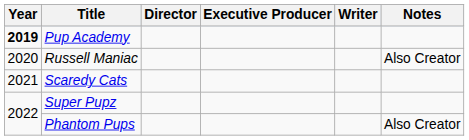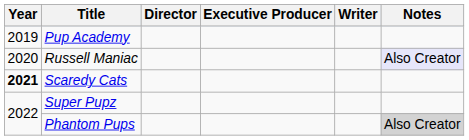 <table class="wikitable">
 <tr style="background:#b0c4de; text-align:center;">
 <th>Year</th>
 <th>Title</th>
 <th>Director</th>
 <th>Executive Producer</th>
 <th>Writer</th>
 <th>Notes</th>
 </tr>
 <tr>
-<td><strong>2019</strong></td>
+<td>2019</td>
 <td><em><a href='#'>Pup Academy</a></em></td>
 <td></td>
 <td></td>
 <td></td>
 <td></td>
 </tr>
 <tr>
 <td>2020</td>
 <td><em>Russell Maniac</em></td>
 <td></td>
 <td></td>
 <td></td>
-<td>Also Creator</td>
+<td style="background: lavender;">Also Creator</td>
 </tr>
 <tr>
-<td>2021</td>
+<td><strong>2021</strong></td>
 <td><em><a href='#'>Scaredy Cats</a></em></td>
 <td></td>
 <td></td>
 <td></td>
 <td></td>
 </tr>
 <tr>
 <td rowspan="2">2022</td>
 <td><em><a href='#'>Super Pupz</a></em></td>
 <td></td>
 <td></td>
 <td></td>
 <td></td>
 </tr>
 <tr>
 <td><em><a href='#'>Phantom Pups</a></em></td>
 <td></td>
 <td></td>
 <td></td>
-<td>Also Creator</td>
+<td style="background: lightgrey;">Also Creator</td>
 </tr>
 </table>
